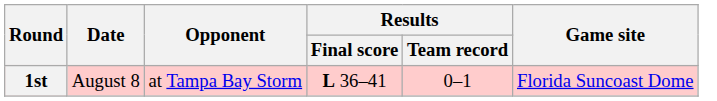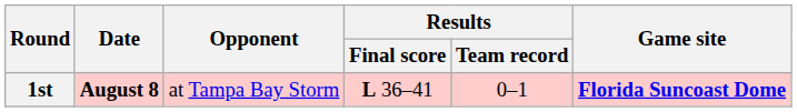 <table class="wikitable" style="font-size: 92%;" "align=center">
 <tr>
 <th rowspan="2">Round</th>
 <th rowspan="2">Date</th>
 <th rowspan="2">Opponent</th>
 <th colspan="2">Results</th>
 <th rowspan="2">Game site</th>
 </tr>
 <tr>
 <th>Final score</th>
 <th>Team record</th>
 </tr>
 <tr style="background:#fcc">
 <th>1st</th>
-<td style="text-align:center;">August 8</td>
+<td style="text-align:center;"><strong>August 8</strong></td>
 <td style="text-align:center;">at <a href='#'>Tampa Bay Storm</a></td>
 <td style="text-align:center;"><strong>L</strong> 36–41</td>
 <td style="text-align:center;">0–1</td>
-<td style="text-align:center;"><a href='#'>Florida Suncoast Dome</a></td>
+<td style="text-align:center;"><strong><a href='#'>Florida Suncoast Dome</a></strong></td>
 </tr>
 </table>
